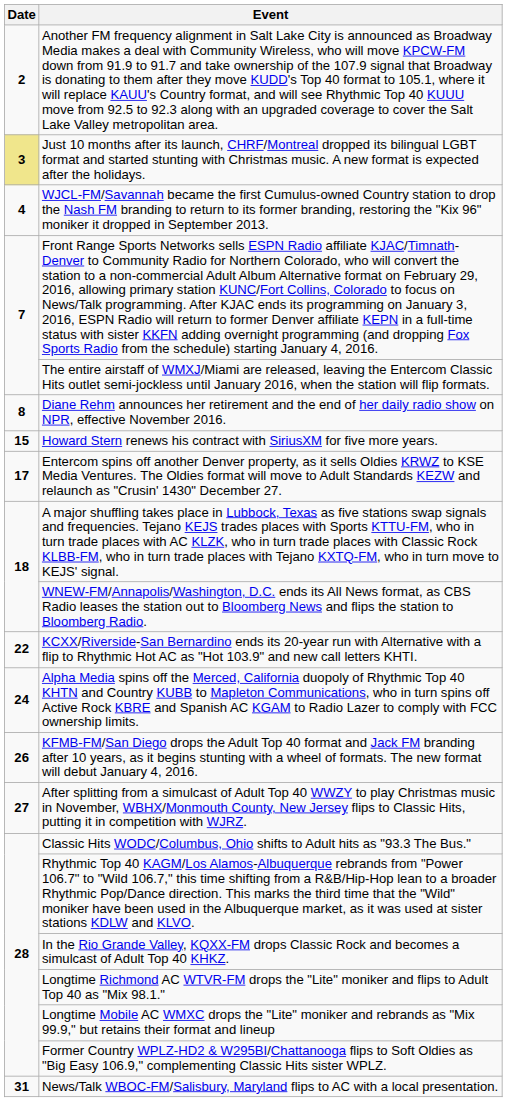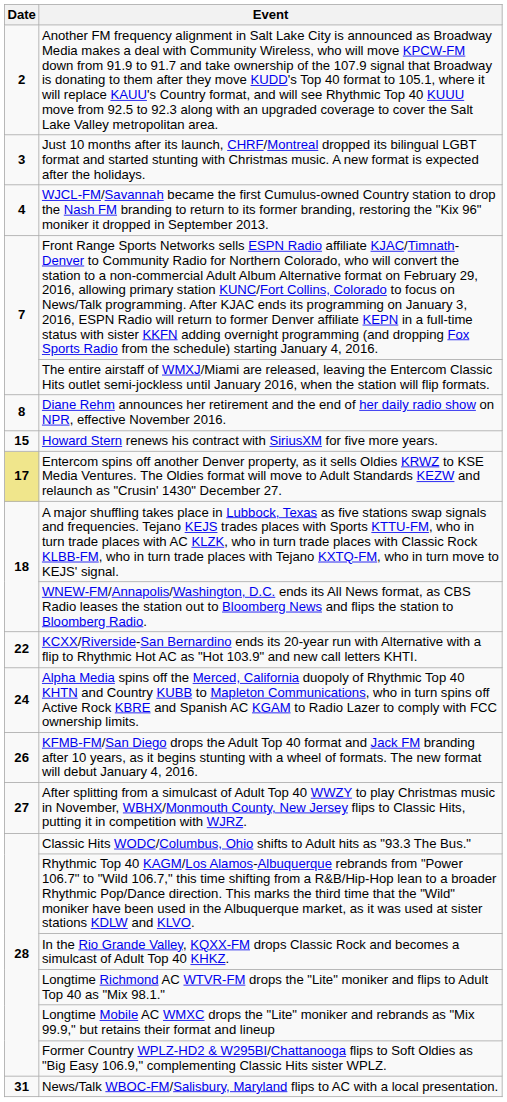 <table class="wikitable">
 <tr>
 <th>Date</th>
 <th>Event</th>
 </tr>
 <tr>
 <td style="text-align:center"><strong>2</strong></td>
 <td>Another FM frequency alignment in Salt Lake City is announced as Broadway Media makes a deal with Community Wireless, who will move <a href='#'>KPCW-FM</a> down from 91.9 to 91.7 and take ownership of the 107.9 signal that Broadway is donating to them after they move <a href='#'>KUDD</a>'s Top 40 format to 105.1, where it will replace <a href='#'>KAUU</a>'s Country format, and will see Rhythmic Top 40 <a href='#'>KUUU</a> move from 92.5 to 92.3 along with an upgraded coverage to cover the Salt Lake Valley metropolitan area.</td>
 </tr>
 <tr>
-<td style="background: khaki; text-align:center"><strong>3</strong></td>
+<td style="text-align:center"><strong>3</strong></td>
 <td>Just 10 months after its launch, <a href='#'>CHRF</a>/<a href='#'>Montreal</a> dropped its bilingual LGBT format and started stunting with Christmas music. A new format is expected after the holidays.</td>
 </tr>
 <tr>
 <td style="text-align:center"><strong>4</strong></td>
 <td><a href='#'>WJCL-FM</a>/<a href='#'>Savannah</a> became the first Cumulus-owned Country station to drop the <a href='#'>Nash FM</a> branding to return to its former branding, restoring the "Kix 96" moniker it dropped in September 2013.</td>
 </tr>
 <tr>
 <td style="text-align:center" rowspan="2"><strong>7</strong></td>
 <td>Front Range Sports Networks sells <a href='#'>ESPN Radio</a> affiliate <a href='#'>KJAC</a>/<a href='#'>Timnath</a>-<a href='#'>Denver</a> to Community Radio for Northern Colorado, who will convert the station to a non-commercial Adult Album Alternative format on February 29, 2016, allowing primary station <a href='#'>KUNC</a>/<a href='#'>Fort Collins, Colorado</a> to focus on News/Talk programming. After KJAC ends its programming on January 3, 2016, ESPN Radio will return to former Denver affiliate <a href='#'>KEPN</a> in a full-time status with sister <a href='#'>KKFN</a> adding overnight programming (and dropping <a href='#'>Fox Sports Radio</a> from the schedule) starting January 4, 2016.</td>
 </tr>
 <tr>
 <td>The entire airstaff of <a href='#'>WMXJ</a>/Miami are released, leaving the Entercom Classic Hits outlet semi-jockless until January 2016, when the station will flip formats.</td>
 </tr>
 <tr>
 <td style="text-align:center"><strong>8</strong></td>
 <td><a href='#'>Diane Rehm</a> announces her retirement and the end of <a href='#'>her daily radio show</a> on <a href='#'>NPR</a>, effective November 2016.</td>
 </tr>
 <tr>
 <td style="text-align:center"><strong>15</strong></td>
 <td><a href='#'>Howard Stern</a> renews his contract with <a href='#'>SiriusXM</a> for five more years.</td>
 </tr>
 <tr>
-<td style="text-align:center"><strong>17</strong></td>
+<td style="background: khaki; text-align:center"><strong>17</strong></td>
 <td>Entercom spins off another Denver property, as it sells Oldies <a href='#'>KRWZ</a> to KSE Media Ventures. The Oldies format will move to Adult Standards <a href='#'>KEZW</a> and relaunch as "Crusin' 1430" December 27.</td>
 </tr>
 <tr>
 <td style="text-align:center" rowspan=2><strong>18</strong></td>
 <td>A major shuffling takes place in <a href='#'>Lubbock, Texas</a> as five stations swap signals and frequencies. Tejano <a href='#'>KEJS</a> trades places with Sports <a href='#'>KTTU-FM</a>, who in turn trade places with AC <a href='#'>KLZK</a>, who in turn trade places with Classic Rock <a href='#'>KLBB-FM</a>, who in turn trade places with Tejano <a href='#'>KXTQ-FM</a>, who in turn move to KEJS' signal.</td>
 </tr>
 <tr>
 <td><a href='#'>WNEW-FM</a>/<a href='#'>Annapolis</a>/<a href='#'>Washington, D.C.</a> ends its All News format, as CBS Radio leases the station out to <a href='#'>Bloomberg News</a> and flips the station to <a href='#'>Bloomberg Radio</a>.</td>
 </tr>
 <tr>
 <td style="text-align:center"><strong>22</strong></td>
 <td><a href='#'>KCXX</a>/<a href='#'>Riverside</a>-<a href='#'>San Bernardino</a> ends its 20-year run with Alternative with a flip to Rhythmic Hot AC as "Hot 103.9" and new call letters KHTI.</td>
 </tr>
 <tr>
 <td style="text-align:center"><strong>24</strong></td>
 <td><a href='#'>Alpha Media</a> spins off the <a href='#'>Merced, California</a> duopoly of Rhythmic Top 40 <a href='#'>KHTN</a> and Country <a href='#'>KUBB</a> to <a href='#'>Mapleton Communications</a>, who in turn spins off Active Rock <a href='#'>KBRE</a> and Spanish AC <a href='#'>KGAM</a> to Radio Lazer to comply with FCC ownership limits.</td>
 </tr>
 <tr>
 <td style="text-align:center"><strong>26</strong></td>
 <td><a href='#'>KFMB-FM</a>/<a href='#'>San Diego</a> drops the Adult Top 40 format and <a href='#'>Jack FM</a> branding after 10 years, as it begins stunting with a wheel of formats. The new format will debut January 4, 2016.</td>
 </tr>
 <tr>
 <td style="text-align:center"><strong>27</strong></td>
 <td>After splitting from a simulcast of Adult Top 40 <a href='#'>WWZY</a> to play Christmas music in November, <a href='#'>WBHX</a>/<a href='#'>Monmouth County, New Jersey</a> flips to Classic Hits, putting it in competition with <a href='#'>WJRZ</a>.</td>
 </tr>
 <tr>
 <td style="text-align:center" rowspan=6><strong>28</strong></td>
 <td>Classic Hits <a href='#'>WODC</a>/<a href='#'>Columbus, Ohio</a> shifts to Adult hits as "93.3 The Bus."</td>
 </tr>
 <tr>
 <td>Rhythmic Top 40 <a href='#'>KAGM</a>/<a href='#'>Los Alamos</a>-<a href='#'>Albuquerque</a> rebrands from "Power 106.7" to "Wild 106.7," this time shifting from a R&B/Hip-Hop lean to a broader Rhythmic Pop/Dance direction. This marks the third time that the "Wild" moniker have been used in the Albuquerque market, as it was used at sister stations <a href='#'>KDLW</a> and <a href='#'>KLVO</a>.</td>
 </tr>
 <tr>
 <td>In the <a href='#'>Rio Grande Valley</a>, <a href='#'>KQXX-FM</a> drops Classic Rock and becomes a simulcast of Adult Top 40 <a href='#'>KHKZ</a>.</td>
 </tr>
 <tr>
 <td>Longtime <a href='#'>Richmond</a> AC <a href='#'>WTVR-FM</a> drops the "Lite" moniker and flips to Adult Top 40 as "Mix 98.1."</td>
 </tr>
 <tr>
 <td>Longtime <a href='#'>Mobile</a> AC <a href='#'>WMXC</a> drops the "Lite" moniker and rebrands as "Mix 99.9," but retains their format and lineup</td>
 </tr>
 <tr>
 <td>Former Country <a href='#'>WPLZ-HD2 & W295BI</a>/<a href='#'>Chattanooga</a> flips to Soft Oldies as "Big Easy 106.9," complementing Classic Hits sister WPLZ.</td>
 </tr>
 <tr>
 <td style="text-align:center"><strong>31</strong></td>
 <td>News/Talk <a href='#'>WBOC-FM</a>/<a href='#'>Salisbury, Maryland</a> flips to AC with a local presentation.</td>
 </tr>
 </table>
